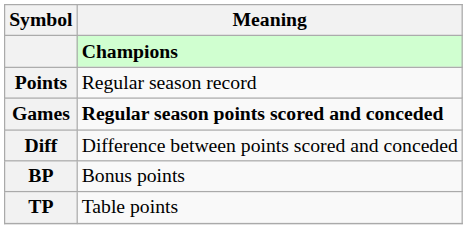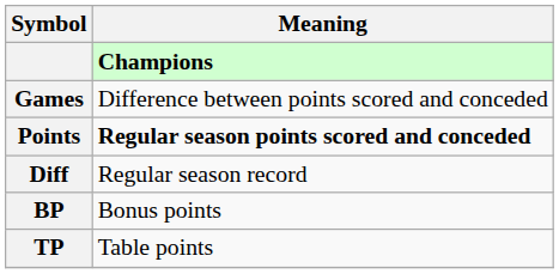 <table class=wikitable>
 <tr>
 <th>Symbol</th>
 <th>Meaning</th>
 </tr>
 <tr>
 <th></th>
 <td bgcolor="#d0ffd0"><strong>Champions</strong></td>
 </tr>
 <tr>
-<th>Points</th>
-<td>Regular season record</td>
+<th>Games</th>
+<td>Difference between points scored and conceded</td>
 </tr>
 <tr>
-<th>Games</th>
+<th>Points</th>
 <td><strong>Regular season points scored and conceded</strong></td>
 </tr>
 <tr>
 <th>Diff</th>
-<td>Difference between points scored and conceded</td>
+<td>Regular season record</td>
 </tr>
 <tr>
 <th>BP</th>
 <td>Bonus points</td>
 </tr>
 <tr>
 <th>TP</th>
 <td>Table points</td>
 </tr>
 <tr>
 </tr>
 </table>
